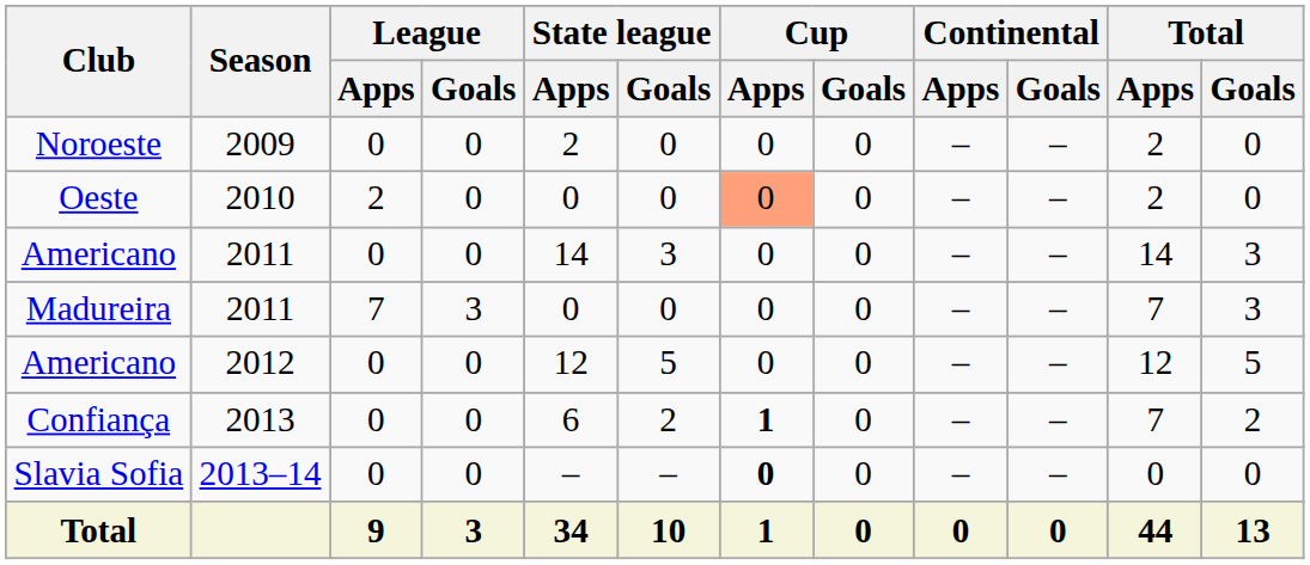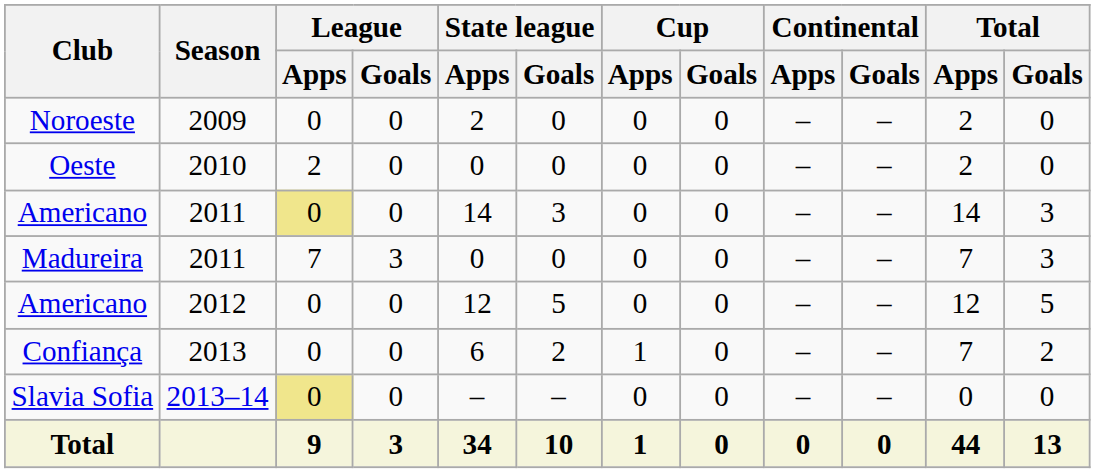 <table class="wikitable" style="text-align: center;">
 <tr>
 <th rowspan="2">Club</th>
 <th rowspan="2">Season</th>
 <th colspan="2">League</th>
 <th colspan="2">State league</th>
 <th colspan="2">Cup</th>
 <th colspan="2">Continental</th>
 <th colspan="2">Total</th>
 </tr>
 <tr>
 <th>Apps</th>
 <th>Goals</th>
 <th>Apps</th>
 <th>Goals</th>
 <th>Apps</th>
 <th>Goals</th>
 <th>Apps</th>
 <th>Goals</th>
 <th>Apps</th>
 <th>Goals</th>
 </tr>
 <tr>
 <td rowspan="1"><a href='#'>Noroeste</a></td>
 <td>2009</td>
 <td>0</td>
 <td>0</td>
 <td>2</td>
 <td>0</td>
 <td>0</td>
 <td>0</td>
 <td>–</td>
 <td>–</td>
 <td>2</td>
 <td>0</td>
 </tr>
 <tr>
 <td rowspan="1"><a href='#'>Oeste</a></td>
 <td>2010</td>
 <td>2</td>
 <td>0</td>
 <td>0</td>
 <td>0</td>
-<td style="background: lightsalmon;">0</td>
+<td>0</td>
 <td>0</td>
 <td>–</td>
 <td>–</td>
 <td>2</td>
 <td>0</td>
 </tr>
 <tr>
 <td rowspan="1"><a href='#'>Americano</a></td>
 <td>2011</td>
-<td>0</td>
+<td style="background: khaki;">0</td>
 <td>0</td>
 <td>14</td>
 <td>3</td>
 <td>0</td>
 <td>0</td>
 <td>–</td>
 <td>–</td>
 <td>14</td>
 <td>3</td>
 </tr>
 <tr>
 <td rowspan="1"><a href='#'>Madureira</a></td>
 <td>2011</td>
 <td>7</td>
 <td>3</td>
 <td>0</td>
 <td>0</td>
 <td>0</td>
 <td>0</td>
 <td>–</td>
 <td>–</td>
 <td>7</td>
 <td>3</td>
 </tr>
 <tr>
 <td rowspan="1"><a href='#'>Americano</a></td>
 <td>2012</td>
 <td>0</td>
 <td>0</td>
 <td>12</td>
 <td>5</td>
 <td>0</td>
 <td>0</td>
 <td>–</td>
 <td>–</td>
 <td>12</td>
 <td>5</td>
 </tr>
 <tr>
 <td rowspan="1"><a href='#'>Confiança</a></td>
 <td>2013</td>
 <td>0</td>
 <td>0</td>
 <td>6</td>
 <td>2</td>
-<td><strong>1</strong></td>
+<td>1</td>
 <td>0</td>
 <td>–</td>
 <td>–</td>
 <td>7</td>
 <td>2</td>
 </tr>
 <tr>
 <td rowspan="1"><a href='#'>Slavia Sofia</a></td>
 <td><a href='#'>2013–14</a></td>
-<td>0</td>
+<td style="background: khaki;">0</td>
 <td>0</td>
 <td>–</td>
 <td>–</td>
-<td><strong>0</strong></td>
+<td>0</td>
 <td>0</td>
 <td>–</td>
 <td>–</td>
 <td>0</td>
 <td>0</td>
 </tr>
 <tr>
 <th style="text-align:center; background:beige;">Total</th>
 <th style="text-align:center; background:beige;"></th>
 <th style="text-align:center; background:beige;">9</th>
 <th style="text-align:center; background:beige;">3</th>
 <th style="text-align:center; background:beige;">34</th>
 <th style="text-align:center; background:beige;">10</th>
 <th style="text-align:center; background:beige;">1</th>
 <th style="text-align:center; background:beige;">0</th>
 <th style="text-align:center; background:beige;">0</th>
 <th style="text-align:center; background:beige;">0</th>
 <th style="text-align:center; background:beige;">44</th>
 <th style="text-align:center; background:beige;">13</th>
 </tr>
 </table>
